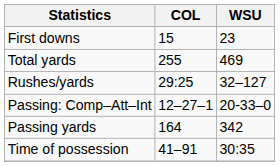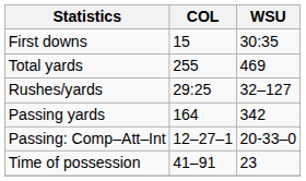 <table class="wikitable" style="float: left;">
 <tr>
 <th>Statistics</th>
 <th>COL</th>
 <th>WSU</th>
 </tr>
 <tr>
 <td>First downs</td>
 <td>15</td>
-<td>23</td>
+<td>30:35</td>
 </tr>
 <tr>
 <td>Total yards</td>
 <td>255</td>
 <td>469</td>
 </tr>
 <tr>
 <td>Rushes/yards</td>
 <td>29:25</td>
 <td>32–127</td>
 </tr>
 <tr>
+<td>Passing yards</td>
+<td>164</td>
+<td>342</td>
+</tr>
+<tr>
 <td>Passing: Comp–Att–Int</td>
 <td>12–27–1</td>
 <td>20-33–0</td>
 </tr>
 <tr>
-<td>Passing yards</td>
-<td>164</td>
-<td>342</td>
-</tr>
-<tr>
 <td>Time of possession</td>
 <td>41–91</td>
-<td>30:35</td>
+<td>23</td>
 </tr>
 <tr>
 </tr>
 </table>
